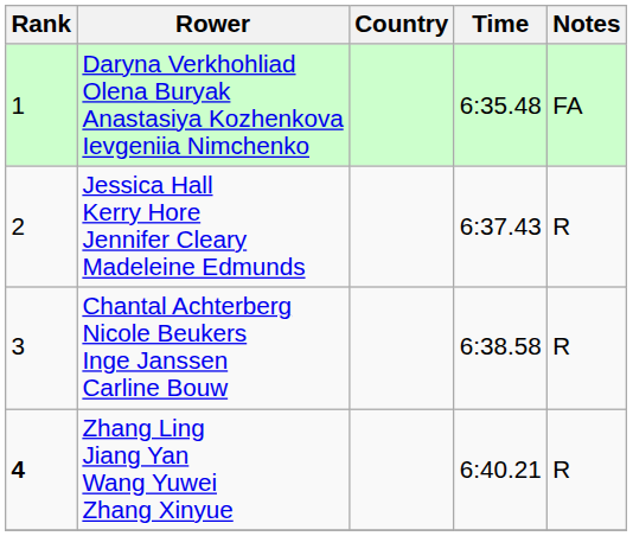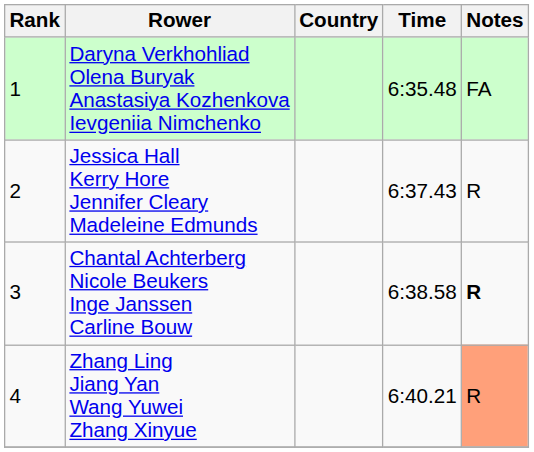 <table class="wikitable">
 <tr>
 <th>Rank</th>
 <th>Rower</th>
 <th>Country</th>
 <th>Time</th>
 <th>Notes</th>
 </tr>
 <tr bgcolor=ccffcc>
 <td>1</td>
 <td><a href='#'>Daryna Verkhohliad</a><br><a href='#'>Olena Buryak</a><br><a href='#'>Anastasiya Kozhenkova</a><br><a href='#'>Ievgeniia Nimchenko</a></td>
 <td></td>
 <td>6:35.48</td>
 <td>FA</td>
 </tr>
 <tr>
 <td>2</td>
 <td><a href='#'>Jessica Hall</a><br><a href='#'>Kerry Hore</a><br><a href='#'>Jennifer Cleary</a><br><a href='#'>Madeleine Edmunds</a></td>
 <td></td>
 <td>6:37.43</td>
 <td>R</td>
 </tr>
 <tr>
 <td>3</td>
 <td><a href='#'>Chantal Achterberg</a><br><a href='#'>Nicole Beukers</a><br><a href='#'>Inge Janssen</a><br><a href='#'>Carline Bouw</a></td>
 <td></td>
 <td>6:38.58</td>
-<td>R</td>
+<td><strong>R</strong></td>
 </tr>
 <tr>
-<td><strong>4</strong></td>
+<td>4</td>
 <td><a href='#'>Zhang Ling</a><br><a href='#'>Jiang Yan</a><br><a href='#'>Wang Yuwei</a><br><a href='#'>Zhang Xinyue</a></td>
 <td></td>
 <td>6:40.21</td>
-<td>R</td>
+<td style="background: lightsalmon;">R</td>
 </tr>
 <tr>
 </tr>
 </table>
